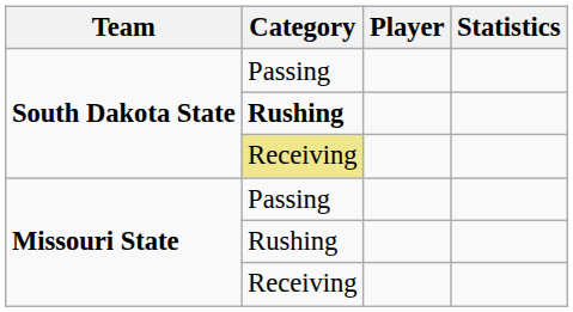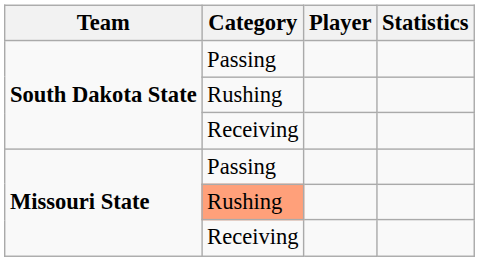 <table class="wikitable" style="float: left;">
 <tr>
 <th>Team</th>
 <th>Category</th>
 <th>Player</th>
 <th>Statistics</th>
 </tr>
 <tr>
 <td rowspan=3><strong>South Dakota State</strong></td>
 <td>Passing</td>
 <td></td>
 <td></td>
 </tr>
 <tr>
-<td><strong>Rushing</strong></td>
+<td>Rushing</td>
 <td></td>
 <td></td>
 </tr>
 <tr>
-<td style="background: khaki;">Receiving</td>
+<td>Receiving</td>
 <td></td>
 <td></td>
 </tr>
 <tr>
 <td rowspan=3><strong>Missouri State</strong></td>
 <td>Passing</td>
 <td></td>
 <td></td>
 </tr>
 <tr>
-<td>Rushing</td>
+<td style="background: lightsalmon;">Rushing</td>
 <td></td>
 <td></td>
 </tr>
 <tr>
 <td>Receiving</td>
 <td></td>
 <td></td>
 </tr>
 </table>
